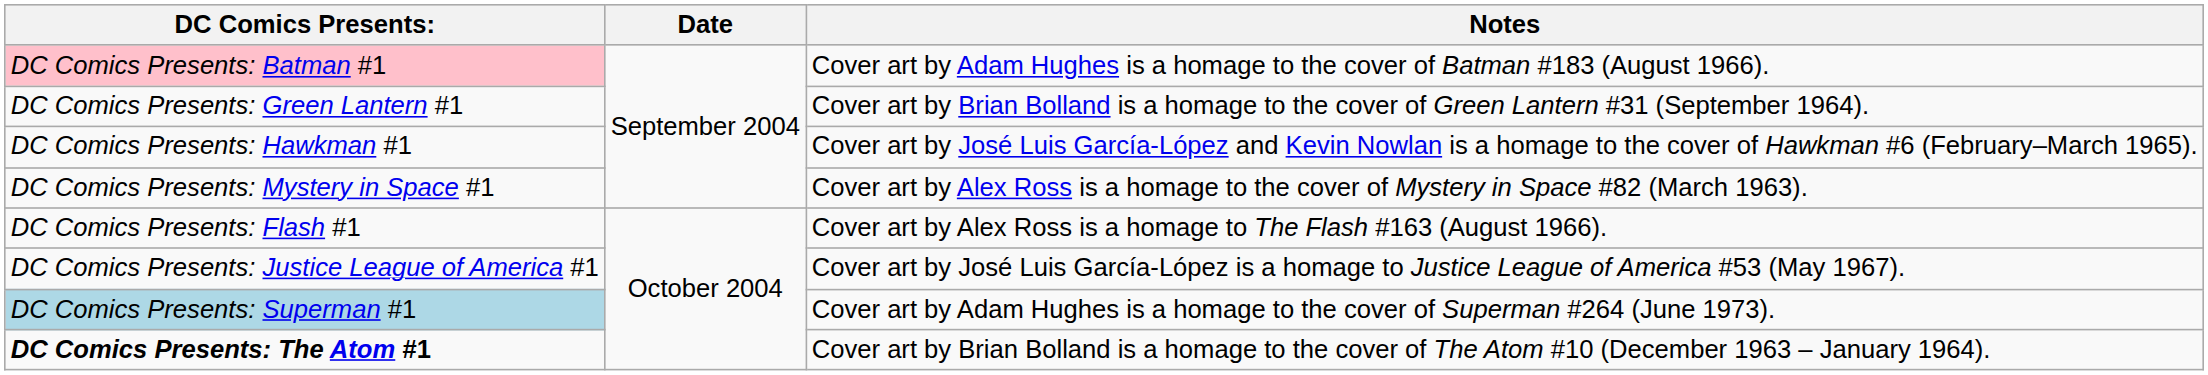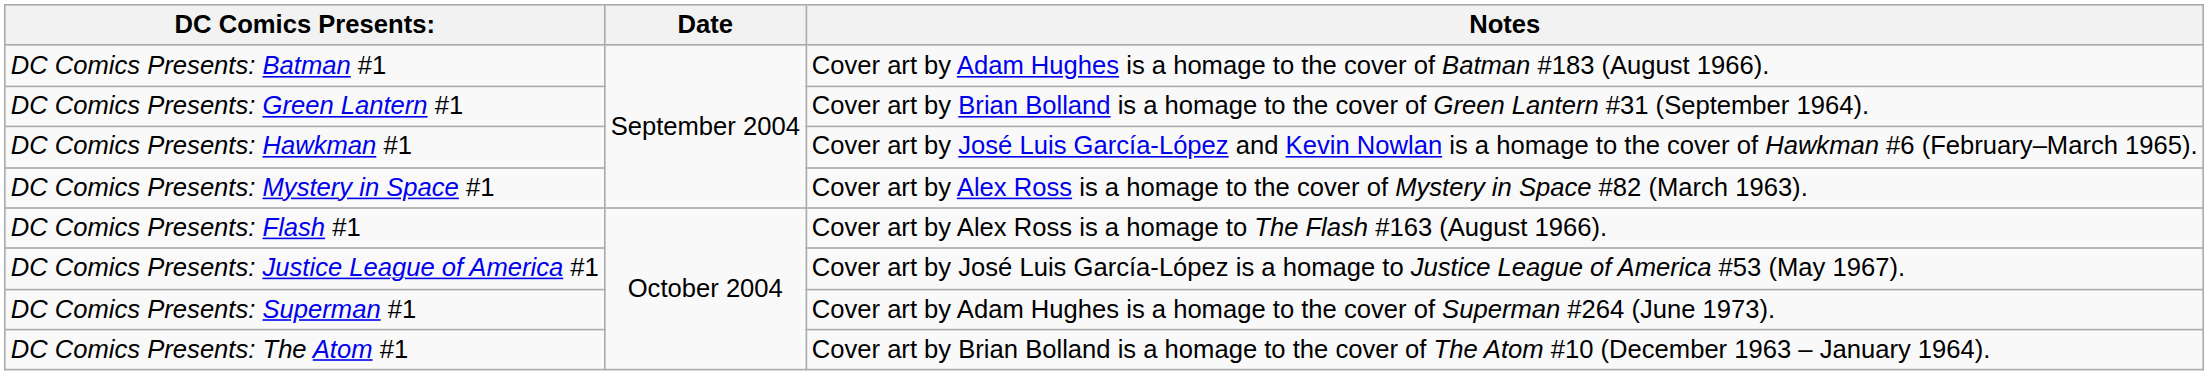 <table class="wikitable">
 <tr>
 <th>DC Comics Presents:</th>
 <th>Date</th>
 <th>Notes</th>
 </tr>
 <tr>
-<td style="background: pink;"><em>DC Comics Presents: <a href='#'>Batman</a></em> #1</td>
+<td><em>DC Comics Presents: <a href='#'>Batman</a></em> #1</td>
 <td rowspan="4" align="center">September 2004</td>
 <td>Cover art by <a href='#'>Adam Hughes</a> is a homage to the cover of <em>Batman</em> #183 (August 1966).</td>
 </tr>
 <tr>
 <td><em>DC Comics Presents: <a href='#'>Green Lantern</a></em> #1</td>
 <td>Cover art by <a href='#'>Brian Bolland</a> is a homage to the cover of <em>Green Lantern</em> #31 (September 1964).</td>
 </tr>
 <tr>
 <td><em>DC Comics Presents: <a href='#'>Hawkman</a></em> #1</td>
 <td>Cover art by <a href='#'>José Luis García-López</a> and <a href='#'>Kevin Nowlan</a> is a homage to the cover of <em>Hawkman</em> #6 (February–March 1965).</td>
 </tr>
 <tr>
 <td><em>DC Comics Presents: <a href='#'>Mystery in Space</a></em> #1</td>
 <td>Cover art by <a href='#'>Alex Ross</a> is a homage to the cover of <em>Mystery in Space</em> #82 (March 1963).</td>
 </tr>
 <tr>
 <td><em>DC Comics Presents: <a href='#'>Flash</a></em> #1</td>
 <td rowspan="4" align="center">October 2004</td>
 <td>Cover art by Alex Ross is a homage to <em>The Flash</em> #163 (August 1966).</td>
 </tr>
 <tr>
 <td><em>DC Comics Presents: <a href='#'>Justice League of America</a></em> #1</td>
 <td>Cover art by José Luis García-López is a homage to <em>Justice League of America</em> #53 (May 1967).</td>
 </tr>
 <tr>
-<td style="background: lightblue;"><em>DC Comics Presents: <a href='#'>Superman</a></em> #1</td>
+<td><em>DC Comics Presents: <a href='#'>Superman</a></em> #1</td>
 <td>Cover art by Adam Hughes is a homage to the cover of <em>Superman</em> #264 (June 1973).</td>
 </tr>
 <tr>
-<td><strong><em>DC Comics Presents: The <a href='#'>Atom</a></em> #1</strong></td>
+<td><em>DC Comics Presents: The <a href='#'>Atom</a></em> #1</td>
 <td>Cover art by Brian Bolland is a homage to the cover of <em>The Atom</em> #10 (December 1963 – January 1964).</td>
 </tr>
 </table>
